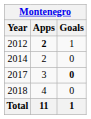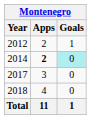 <table class="wikitable" style="text-align:center">
 <tr>
 <th colspan=4><a href='#'>Montenegro</a></th>
 </tr>
 <tr>
 <th>Year</th>
 <th>Apps</th>
 <th>Goals</th>
 </tr>
 <tr>
 <td>2012</td>
-<td><strong>2</strong></td>
+<td>2</td>
 <td>1</td>
 </tr>
 <tr>
 <td>2014</td>
-<td>2</td>
-<td>0</td>
+<td><strong>2</strong></td>
+<td style="background: paleturquoise;">0</td>
 </tr>
 <tr>
 <td>2017</td>
 <td>3</td>
-<td><strong>0</strong></td>
+<td>0</td>
 </tr>
 <tr>
 <td>2018</td>
 <td>4</td>
 <td>0</td>
 </tr>
 <tr>
 <th>Total</th>
 <th>11</th>
 <th>1</th>
 </tr>
 </table>
